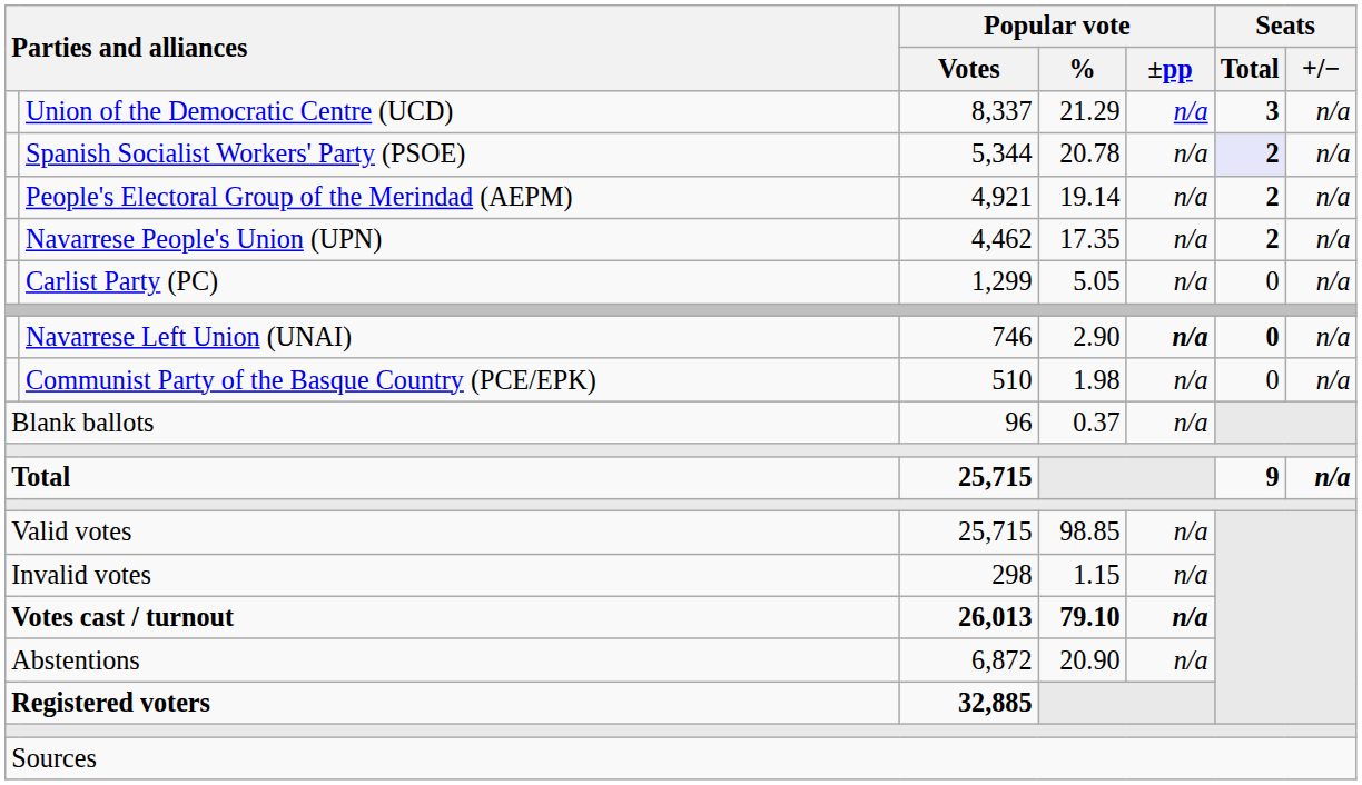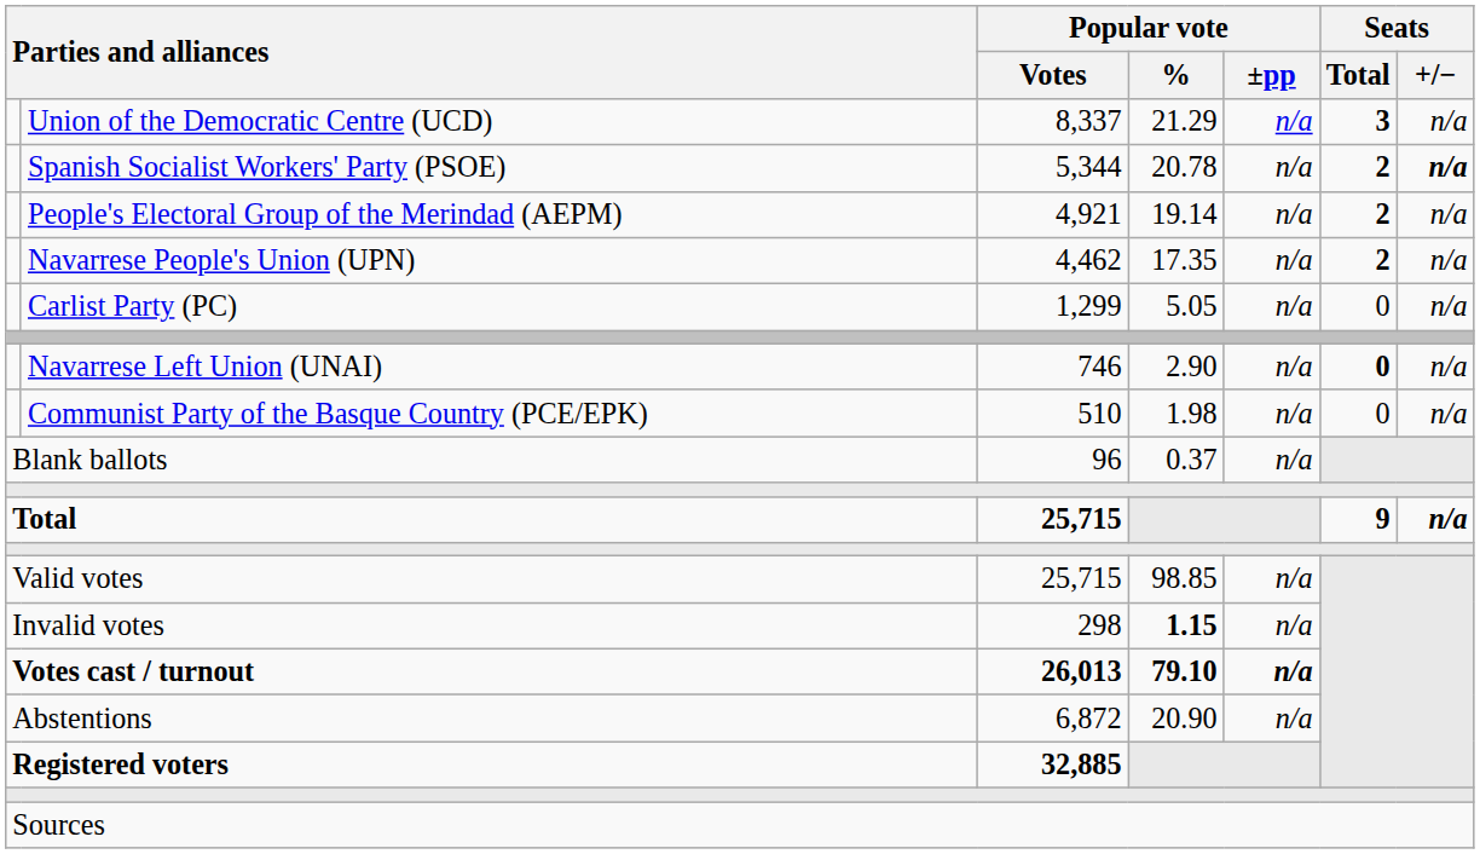 <table class="wikitable" style="text-align:right;">
 <tr>
 <th style="text-align:left;" rowspan="2" colspan="2" width="525">Parties and alliances</th>
 <th colspan="3">Popular vote</th>
 <th colspan="2">Seats</th>
 </tr>
 <tr>
 <th width="75">Votes</th>
 <th width="45">%</th>
 <th width="45">±<a href='#'>pp</a></th>
 <th width="35">Total</th>
 <th width="35">+/−</th>
 </tr>
 <tr>
 <td width="1" style="color:inherit;background:"></td>
 <td align="left"><a href='#'>Union of the Democratic Centre</a> (UCD)</td>
 <td>8,337</td>
 <td>21.29</td>
 <td><em><a href='#'>n/a</a></em></td>
 <td><strong>3</strong></td>
 <td><em>n/a</em></td>
 </tr>
 <tr>
 <td style="color:inherit;background:"></td>
 <td align="left"><a href='#'>Spanish Socialist Workers' Party</a> (PSOE)</td>
 <td>5,344</td>
 <td>20.78</td>
 <td><em>n/a</em></td>
-<td style="background: lavender;"><strong>2</strong></td>
-<td><em>n/a</em></td>
+<td><strong>2</strong></td>
+<td><strong><em>n/a</em></strong></td>
 </tr>
 <tr>
 <td style="color:inherit;background:"></td>
 <td align="left"><a href='#'>People's Electoral Group of the Merindad</a> (AEPM)</td>
 <td>4,921</td>
 <td>19.14</td>
 <td><em>n/a</em></td>
 <td><strong>2</strong></td>
 <td><em>n/a</em></td>
 </tr>
 <tr>
 <td style="color:inherit;background:"></td>
 <td align="left"><a href='#'>Navarrese People's Union</a> (UPN)</td>
 <td>4,462</td>
 <td>17.35</td>
 <td><em>n/a</em></td>
 <td><strong>2</strong></td>
 <td><em>n/a</em></td>
 </tr>
 <tr>
 <td style="color:inherit;background:"></td>
 <td align="left"><a href='#'>Carlist Party</a> (PC)</td>
 <td>1,299</td>
 <td>5.05</td>
 <td><em>n/a</em></td>
 <td>0</td>
 <td><em>n/a</em></td>
 </tr>
 <tr>
 <td colspan="7" bgcolor="#C0C0C0"></td>
 </tr>
 <tr>
 <td style="color:inherit;background:"></td>
 <td align="left"><a href='#'>Navarrese Left Union</a> (UNAI)</td>
 <td>746</td>
 <td>2.90</td>
-<td><strong><em>n/a</em></strong></td>
+<td><em>n/a</em></td>
 <td><strong>0</strong></td>
 <td><em>n/a</em></td>
 </tr>
 <tr>
 <td style="color:inherit;background:"></td>
 <td align="left"><a href='#'>Communist Party of the Basque Country</a> (PCE/EPK)</td>
 <td>510</td>
 <td>1.98</td>
 <td><em>n/a</em></td>
 <td>0</td>
 <td><em>n/a</em></td>
 </tr>
 <tr>
 <td align="left" colspan="2">Blank ballots</td>
 <td>96</td>
 <td>0.37</td>
 <td><em>n/a</em></td>
 <td bgcolor="#E9E9E9" colspan="2"></td>
 </tr>
 <tr>
 <td colspan="7" bgcolor="#E9E9E9"></td>
 </tr>
 <tr style="font-weight:bold;">
 <td align="left" colspan="2">Total</td>
 <td>25,715</td>
 <td bgcolor="#E9E9E9" colspan="2"></td>
 <td>9</td>
 <td><em>n/a</em></td>
 </tr>
 <tr>
 <td colspan="7" bgcolor="#E9E9E9"></td>
 </tr>
 <tr>
 <td align="left" colspan="2">Valid votes</td>
 <td>25,715</td>
 <td>98.85</td>
 <td><em>n/a</em></td>
 <td bgcolor="#E9E9E9" colspan="2" rowspan="5"></td>
 </tr>
 <tr>
 <td align="left" colspan="2">Invalid votes</td>
 <td>298</td>
-<td>1.15</td>
+<td><strong>1.15</strong></td>
 <td><em>n/a</em></td>
 </tr>
 <tr style="font-weight:bold;">
 <td align="left" colspan="2">Votes cast / turnout</td>
 <td>26,013</td>
 <td>79.10</td>
 <td><em>n/a</em></td>
 </tr>
 <tr>
 <td align="left" colspan="2">Abstentions</td>
 <td>6,872</td>
 <td>20.90</td>
 <td><em>n/a</em></td>
 </tr>
 <tr style="font-weight:bold;">
 <td align="left" colspan="2">Registered voters</td>
 <td>32,885</td>
 <td bgcolor="#E9E9E9" colspan="2"></td>
 </tr>
 <tr>
 <td colspan="7" bgcolor="#E9E9E9"></td>
 </tr>
 <tr>
 <td align="left" colspan="7">Sources</td>
 </tr>
 </table>
